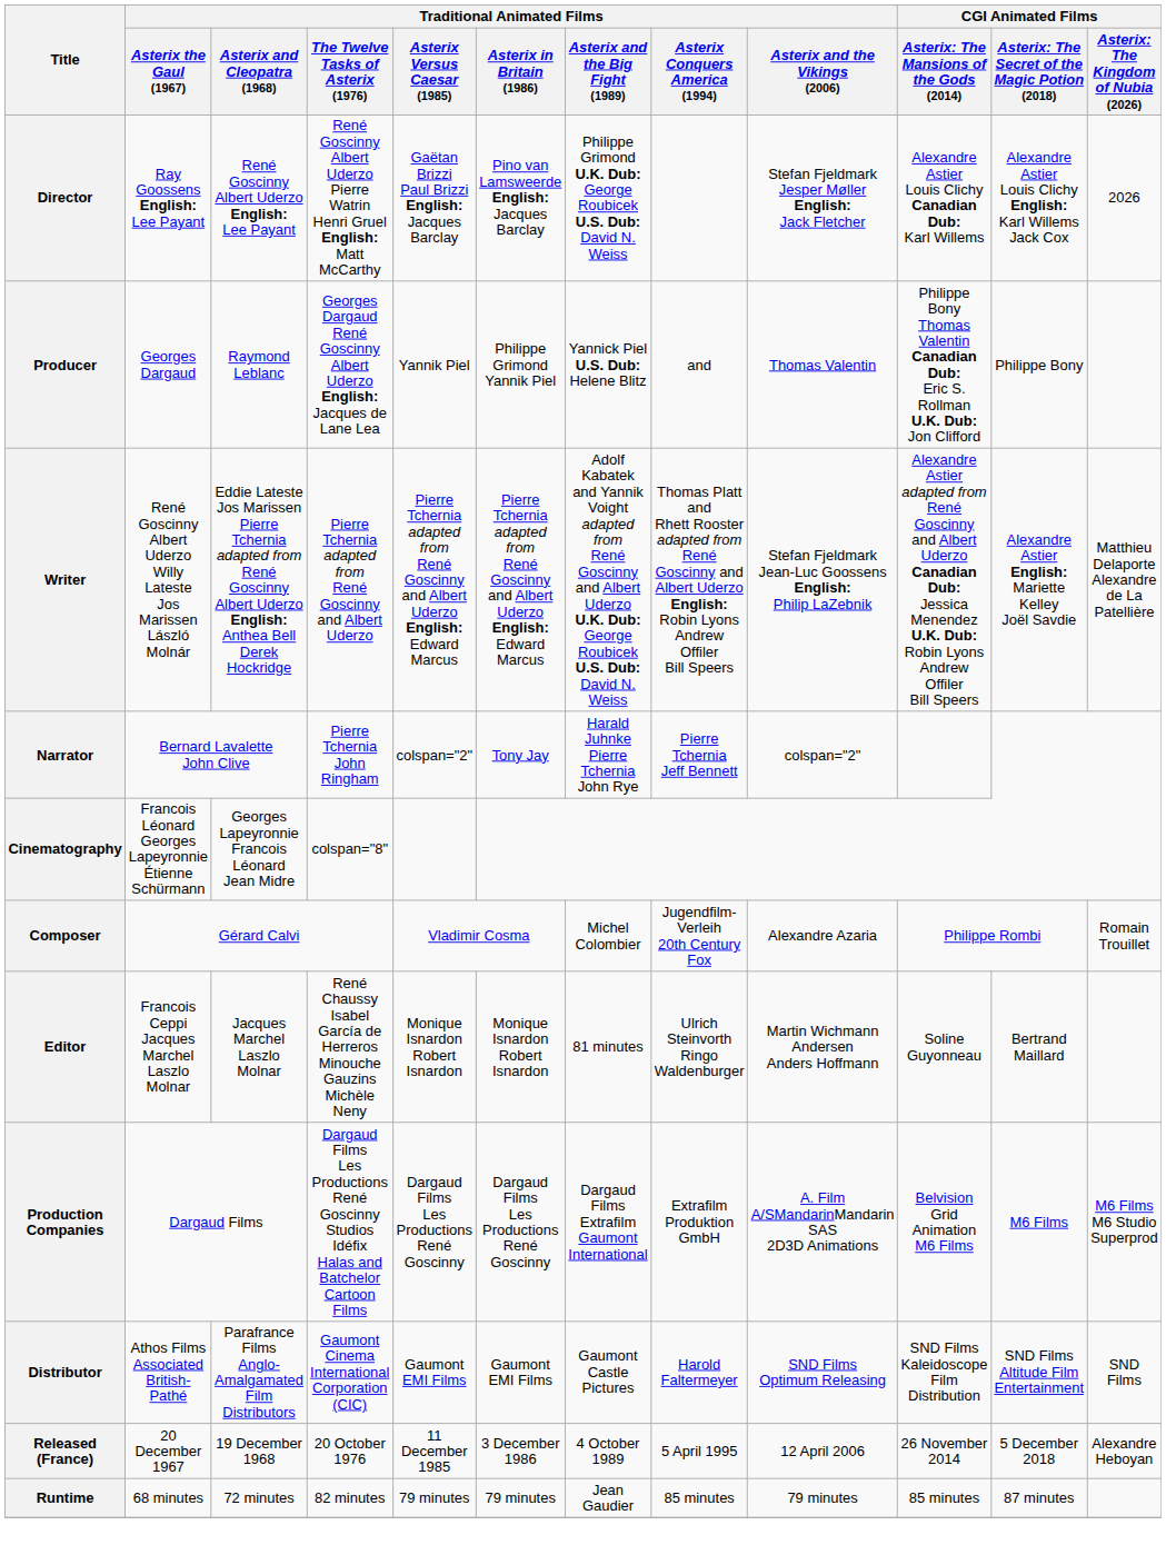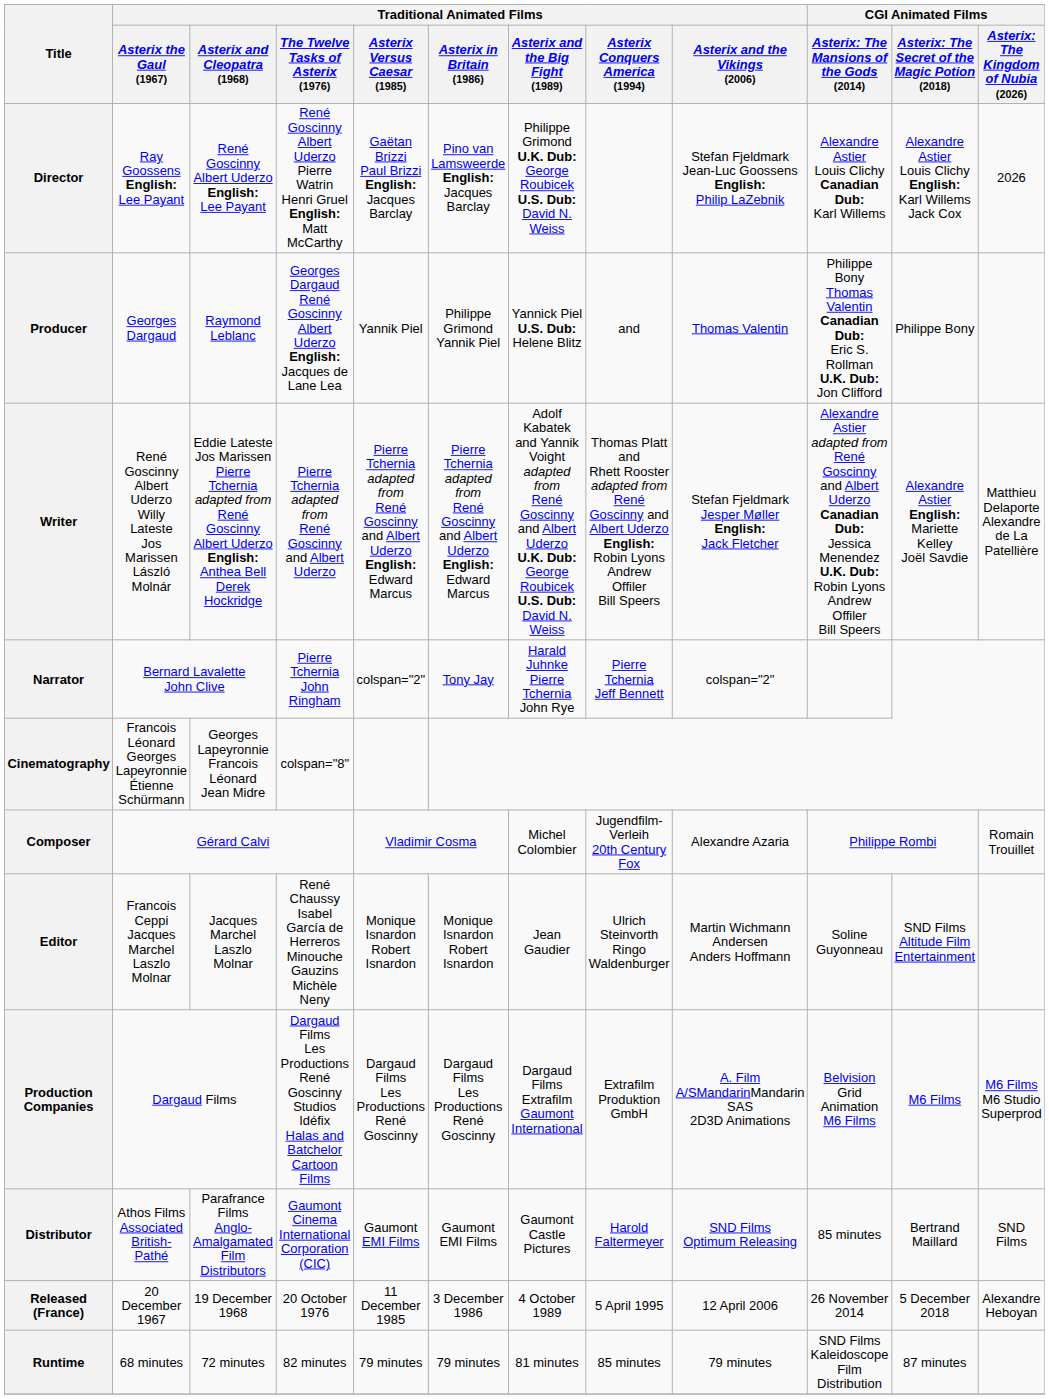 <table class="wikitable" style="text-align: center; font-size:90%;">
 <tr>
 <th rowspan=2>Title</th>
 <th colspan=8>Traditional Animated Films</th>
 <th colspan=4>CGI Animated Films</th>
 </tr>
 <tr>
 <th><em><a href='#'>Asterix the Gaul</a></em><br><small>(1967)</small></th>
 <th><em><a href='#'>Asterix and Cleopatra</a></em><br><small>(1968)</small></th>
 <th><em><a href='#'>The Twelve Tasks of Asterix</a></em><br><small>(1976)</small></th>
 <th><em><a href='#'>Asterix Versus Caesar</a></em><br><small>(1985)</small></th>
 <th><em><a href='#'>Asterix in Britain</a></em><br><small>(1986)</small></th>
 <th><em><a href='#'>Asterix and the Big Fight</a></em><br><small>(1989)</small></th>
 <th><em><a href='#'>Asterix Conquers America</a></em><br><small>(1994)</small></th>
 <th><em><a href='#'>Asterix and the Vikings</a></em><br><small>(2006)</small></th>
 <th><em><a href='#'>Asterix: The Mansions of the Gods</a></em><br><small>(2014)</small></th>
 <th><em><a href='#'>Asterix: The Secret of the Magic Potion</a></em><br><small>(2018)</small></th>
 <th><em><a href='#'>Asterix: The Kingdom of Nubia</a></em><br><small>(2026)</small></th>
 </tr>
 <tr>
 <th>Director</th>
 <td><a href='#'>Ray Goossens</a><br><strong>English:</strong><br><a href='#'>Lee Payant</a></td>
 <td><a href='#'>René Goscinny</a><br><a href='#'>Albert Uderzo</a><br><strong>English:</strong><br><a href='#'>Lee Payant</a></td>
 <td><a href='#'>René Goscinny</a><br><a href='#'>Albert Uderzo</a><br>Pierre Watrin<br>Henri Gruel<br><strong>English:</strong><br>Matt McCarthy</td>
 <td><a href='#'>Gaëtan Brizzi</a><br><a href='#'>Paul Brizzi</a><br><strong>English:</strong><br>Jacques Barclay</td>
 <td><a href='#'>Pino van Lamsweerde</a><br><strong>English:</strong><br>Jacques Barclay</td>
 <td>Philippe Grimond<br><strong>U.K. Dub:</strong><br><a href='#'>George Roubicek</a><br><strong>U.S. Dub:</strong><br><a href='#'>David N. Weiss</a></td>
 <td></td>
-<td>Stefan Fjeldmark<br><a href='#'>Jesper Møller</a><br><strong>English:</strong><br><a href='#'>Jack Fletcher</a></td>
+<td>Stefan Fjeldmark<br>Jean-Luc Goossens<br><strong>English:</strong><br><a href='#'>Philip LaZebnik</a></td>
 <td><a href='#'>Alexandre Astier</a><br>Louis Clichy<br><strong>Canadian Dub:</strong><br>Karl Willems</td>
 <td><a href='#'>Alexandre Astier</a><br>Louis Clichy<br><strong>English:</strong><br>Karl Willems<br>Jack Cox</td>
 <td>2026</td>
 </tr>
 <tr>
 <th>Producer</th>
 <td><a href='#'>Georges Dargaud</a></td>
 <td><a href='#'>Raymond Leblanc</a></td>
 <td><a href='#'>Georges Dargaud</a><br><a href='#'>René Goscinny</a><br><a href='#'>Albert Uderzo</a><br><strong>English:</strong><br>Jacques de Lane Lea</td>
 <td>Yannik Piel</td>
 <td>Philippe Grimond<br>Yannik Piel</td>
 <td>Yannick Piel<br><strong>U.S. Dub:</strong><br>Helene Blitz</td>
 <td> and </td>
 <td><a href='#'>Thomas Valentin</a></td>
 <td>Philippe Bony<br><a href='#'>Thomas Valentin</a><br><strong>Canadian Dub:</strong><br>Eric S. Rollman<br><strong>U.K. Dub:</strong><br>Jon Clifford</td>
 <td>Philippe Bony</td>
 <td></td>
 </tr>
 <tr>
 <th>Writer</th>
 <td>René Goscinny<br>Albert Uderzo<br>Willy Lateste<br>Jos Marissen<br>László Molnár </td>
 <td>Eddie Lateste<br>Jos Marissen<br><a href='#'>Pierre Tchernia</a><br><em>adapted from</em><br><a href='#'>René Goscinny</a><br><a href='#'>Albert Uderzo</a><br><strong>English:</strong><br><a href='#'>Anthea Bell</a><br><a href='#'>Derek Hockridge</a></td>
 <td><a href='#'>Pierre Tchernia</a><br><em>adapted from</em><br><a href='#'>René Goscinny</a> and <a href='#'>Albert Uderzo</a></td>
 <td><a href='#'>Pierre Tchernia</a><br><em>adapted from</em><br><a href='#'>René Goscinny</a> and <a href='#'>Albert Uderzo</a><br><strong>English:</strong><br>Edward Marcus</td>
 <td><a href='#'>Pierre Tchernia</a><br><em>adapted from</em><br><a href='#'>René Goscinny</a> and <a href='#'>Albert Uderzo</a><br><strong>English:</strong><br>Edward Marcus</td>
 <td>Adolf Kabatek and Yannik Voight<br><em>adapted from</em><br><a href='#'>René Goscinny</a> and <a href='#'>Albert Uderzo</a><br><strong>U.K. Dub:</strong><br><a href='#'>George Roubicek</a><br><strong>U.S. Dub:</strong><br><a href='#'>David N. Weiss</a></td>
 <td>Thomas Platt and Rhett Rooster<br><em>adapted from</em><br><a href='#'>René Goscinny</a> and <a href='#'>Albert Uderzo</a><br><strong>English:</strong><br>Robin Lyons<br>Andrew Offiler<br>Bill Speers</td>
-<td>Stefan Fjeldmark<br>Jean-Luc Goossens<br><strong>English:</strong><br><a href='#'>Philip LaZebnik</a></td>
+<td>Stefan Fjeldmark<br><a href='#'>Jesper Møller</a><br><strong>English:</strong><br><a href='#'>Jack Fletcher</a></td>
 <td><a href='#'>Alexandre Astier</a><br><em>adapted from</em><br><a href='#'>René Goscinny</a> and <a href='#'>Albert Uderzo</a><br><strong>Canadian Dub:</strong><br>Jessica Menendez<br><strong>U.K. Dub:</strong><br>Robin Lyons<br>Andrew Offiler<br>Bill Speers</td>
 <td><a href='#'>Alexandre Astier</a><br><strong>English:</strong><br>Mariette Kelley<br>Joël Savdie</td>
 <td>Matthieu Delaporte<br>Alexandre de La Patellière</td>
 </tr>
 <tr>
 <th>Narrator</th>
 <td colspan="2"><a href='#'>Bernard Lavalette</a><br><a href='#'>John Clive</a> </td>
 <td><a href='#'>Pierre Tchernia</a><br><a href='#'>John Ringham</a> </td>
 <td>colspan="2" </td>
 <td><a href='#'>Tony Jay</a> </td>
 <td><a href='#'>Harald Juhnke</a><br><a href='#'>Pierre Tchernia</a> <br>John Rye </td>
 <td><a href='#'>Pierre Tchernia</a><br><a href='#'>Jeff Bennett</a> </td>
 <td>colspan="2" </td>
 <td></td>
 </tr>
 <tr>
 <th>Cinematography</th>
 <td>Francois Léonard<br>Georges Lapeyronnie<br>Étienne Schürmann</td>
 <td>Georges Lapeyronnie<br>Francois Léonard<br>Jean Midre</td>
 <td>colspan="8" </td>
 <td></td>
 </tr>
 <tr>
 <th>Composer</th>
 <td colspan="3"><a href='#'>Gérard Calvi</a></td>
 <td colspan="2"><a href='#'>Vladimir Cosma</a></td>
 <td>Michel Colombier</td>
 <td>Jugendfilm-Verleih <br><a href='#'>20th Century Fox</a></td>
 <td>Alexandre Azaria</td>
 <td colspan="2"><a href='#'>Philippe Rombi</a></td>
 <td>Romain Trouillet</td>
 </tr>
 <tr>
 <th>Editor</th>
 <td>Francois Ceppi<br>Jacques Marchel<br>Laszlo Molnar</td>
 <td>Jacques Marchel<br>Laszlo Molnar</td>
 <td>René Chaussy<br>Isabel García de Herreros<br>Minouche Gauzins<br>Michèle Neny</td>
 <td>Monique Isnardon<br>Robert Isnardon</td>
 <td>Monique Isnardon<br>Robert Isnardon</td>
-<td>81 minutes</td>
+<td>Jean Gaudier</td>
 <td>Ulrich Steinvorth<br>Ringo Waldenburger</td>
 <td>Martin Wichmann Andersen<br>Anders Hoffmann</td>
 <td>Soline Guyonneau</td>
-<td>Bertrand Maillard</td>
+<td>SND Films<br><a href='#'>Altitude Film Entertainment</a> </td>
 <td></td>
 </tr>
 <tr>
 <th>Production Companies</th>
 <td colspan="2"><a href='#'>Dargaud</a> Films</td>
 <td><a href='#'>Dargaud</a> Films<br>Les Productions René Goscinny<br>Studios Idéfix<br><a href='#'>Halas and Batchelor Cartoon Films</a></td>
 <td>Dargaud Films<br>Les Productions René Goscinny</td>
 <td>Dargaud Films<br>Les Productions René Goscinny</td>
 <td>Dargaud Films<br>Extrafilm<br><a href='#'>Gaumont International</a></td>
 <td>Extrafilm Produktion GmbH</td>
 <td><a href='#'>A. Film A/SMandarin</a>Mandarin SAS<br>2D3D Animations</td>
 <td><a href='#'>Belvision</a><br>Grid Animation<br><a href='#'>M6 Films</a></td>
 <td><a href='#'>M6 Films</a></td>
 <td><a href='#'>M6 Films</a><br>M6 Studio<br>Superprod</td>
 </tr>
 <tr>
 <th>Distributor</th>
 <td>Athos Films<br><a href='#'>Associated British-Pathé</a> </td>
 <td>Parafrance Films<br><a href='#'>Anglo-Amalgamated Film Distributors</a> </td>
 <td><a href='#'>Gaumont</a><br><a href='#'>Cinema International Corporation (CIC)</a> </td>
 <td>Gaumont<br><a href='#'>EMI Films</a> </td>
 <td>Gaumont<br>EMI Films </td>
 <td>Gaumont<br>Castle Pictures </td>
 <td><a href='#'>Harold Faltermeyer</a></td>
 <td><a href='#'>SND Films</a><br><a href='#'>Optimum Releasing</a> </td>
-<td>SND Films<br>Kaleidoscope Film Distribution </td>
-<td>SND Films<br><a href='#'>Altitude Film Entertainment</a> </td>
+<td>85 minutes</td>
+<td>Bertrand Maillard</td>
 <td>SND Films</td>
 </tr>
 <tr>
 <th>Released (France)</th>
 <td>20 December 1967</td>
 <td>19 December 1968</td>
 <td>20 October 1976</td>
 <td>11 December 1985</td>
 <td>3 December 1986</td>
 <td>4 October 1989</td>
 <td>5 April 1995</td>
 <td>12 April 2006</td>
 <td>26 November 2014</td>
 <td>5 December 2018</td>
 <td>Alexandre Heboyan</td>
 </tr>
 <tr>
 <th>Runtime</th>
 <td>68 minutes</td>
 <td>72 minutes</td>
 <td>82 minutes</td>
 <td>79 minutes</td>
 <td>79 minutes</td>
-<td>Jean Gaudier</td>
+<td>81 minutes</td>
 <td>85 minutes</td>
 <td>79 minutes</td>
-<td>85 minutes</td>
+<td>SND Films<br>Kaleidoscope Film Distribution </td>
 <td>87 minutes</td>
 <td></td>
 </tr>
 <tr>
 </tr>
 </table>
